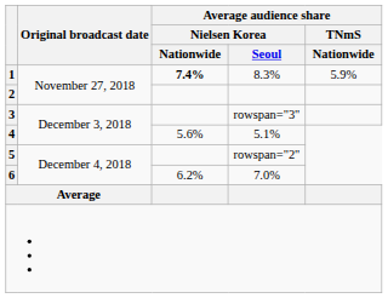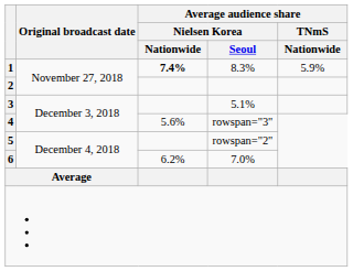 <table class="wikitable" style="text-align:center;max-width:550px; margin-left: auto; margin-right: auto; border: none;">
 <tr>
 </tr>
 <tr>
 <th rowspan="3"></th>
 <th rowspan="3">Original broadcast date</th>
 <th colspan="3">Average audience share</th>
 </tr>
 <tr>
 <th colspan="2">Nielsen Korea</th>
 <th colspan="1">TNmS</th>
 </tr>
 <tr>
 <th width="90">Nationwide</th>
 <th width="90"><a href='#'>Seoul</a></th>
 <th width="90">Nationwide</th>
 </tr>
 <tr>
 <th>1</th>
 <td rowspan="2">November 27, 2018</td>
 <td><strong>7.4%  </strong></td>
 <td>8.3% </td>
 <td>5.9%</td>
 </tr>
 <tr>
 <th>2</th>
 <td><strong></strong> </td>
 <td><strong></strong> </td>
 <td><strong></strong></td>
 </tr>
 <tr>
 <th>3</th>
 <td rowspan="2">December 3, 2018</td>
 <td><strong></strong> </td>
-<td>rowspan="3" </td>
+<td>5.1%</td>
 <td><strong></strong></td>
 </tr>
 <tr>
 <th>4</th>
 <td>5.6% </td>
-<td>5.1%</td>
+<td>rowspan="3" </td>
 </tr>
 <tr>
 <th>5</th>
 <td rowspan="2">December 4, 2018</td>
 <td><strong></strong> </td>
 <td>rowspan="2" </td>
 </tr>
 <tr>
 <th>6</th>
 <td>6.2% </td>
 <td>7.0% </td>
 </tr>
 <tr>
 <th colspan="2">Average</th>
 <th></th>
 <th></th>
 <th></th>
 </tr>
 <tr>
 <td colspan="6"><br><ul><li></li><li></li><li></li></ul></td>
 </tr>
 </table>
